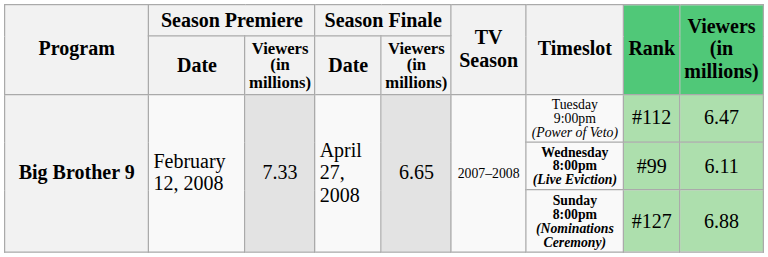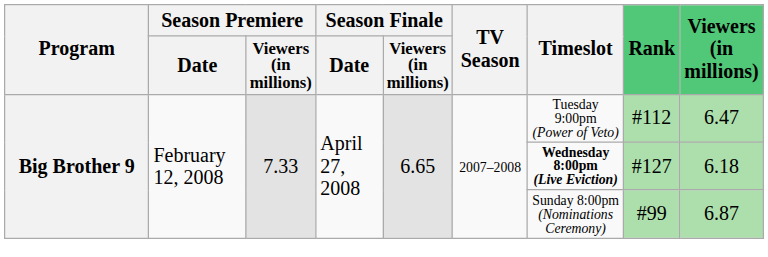 <table class="wikitable" style="text-align:center;">
 <tr>
 <th scope="col" style="width:19%;" rowspan="2">Program</th>
 <th scope="colgroup" colspan=2>Season Premiere</th>
 <th scope="colgroup" colspan=2>Season Finale</th>
 <th scope="col" rowspan=2>TV Season</th>
 <th scope="col" rowspan=2>Timeslot</th>
 <th scope="col" style="width:5%; background:#50c878;" rowspan="2">Rank</th>
 <th scope="col" style="width:10%; background:#50c878;" rowspan="2">Viewers<br>(in millions)</th>
 </tr>
 <tr>
 <th scope="col">Date</th>
 <th scope="col" span style="width:7%; font-size:smaller; font-weight:bold; line-height:100%;">Viewers<br>(in millions)</th>
 <th scope="col">Date</th>
 <th scope="col" span style="width:7%; font-size:smaller; font-weight:bold; line-height:100%;">Viewers<br>(in millions)</th>
 </tr>
 <tr style="background:#f9f9f9;">
 <th scope="rowgroup" rowspan=3>Big Brother 9</th>
 <td rowspan=3 style="text-align:left;">February 12, 2008</td>
 <td rowspan=3 style="background:#e3e3e3;">7.33</td>
 <td rowspan=3 style="text-align:left;">April 27, 2008</td>
 <td rowspan=3 style="background:#e3e3e3;">6.65</td>
 <td rowspan=3 style="font-size:11px;">2007–2008</td>
 <th span style="background:#f9f9f9;font-weight:normal;font-size:11px;line-height:100%">Tuesday 9:00pm<br><em>(Power of Veto)</em></th>
 <td style="background:#addfad;">#112</td>
 <td style="background:#addfad;">6.47</td>
 </tr>
 <tr style="background:#f9f9f9;">
 <td span style="font-size:11px;line-height:100%"><strong>Wednesday 8:00pm<br><em>(Live Eviction)</em></strong></td>
-<td style="background:#addfad;">#99</td>
-<td style="background:#addfad;">6.11</td>
+<td style="background:#addfad;">#127</td>
+<td style="background:#addfad;">6.18</td>
 </tr>
 <tr style="background:#f9f9f9;">
-<td span style="font-size:11px;line-height:100%"><strong>Sunday 8:00pm<br><em>(Nominations Ceremony)</em></strong></td>
-<td style="background:#addfad;">#127</td>
-<td style="background:#addfad;">6.88</td>
+<td span style="font-size:11px;line-height:100%">Sunday 8:00pm<br><em>(Nominations Ceremony)</em></td>
+<td style="background:#addfad;">#99</td>
+<td style="background:#addfad;">6.87</td>
 </tr>
 </table>
